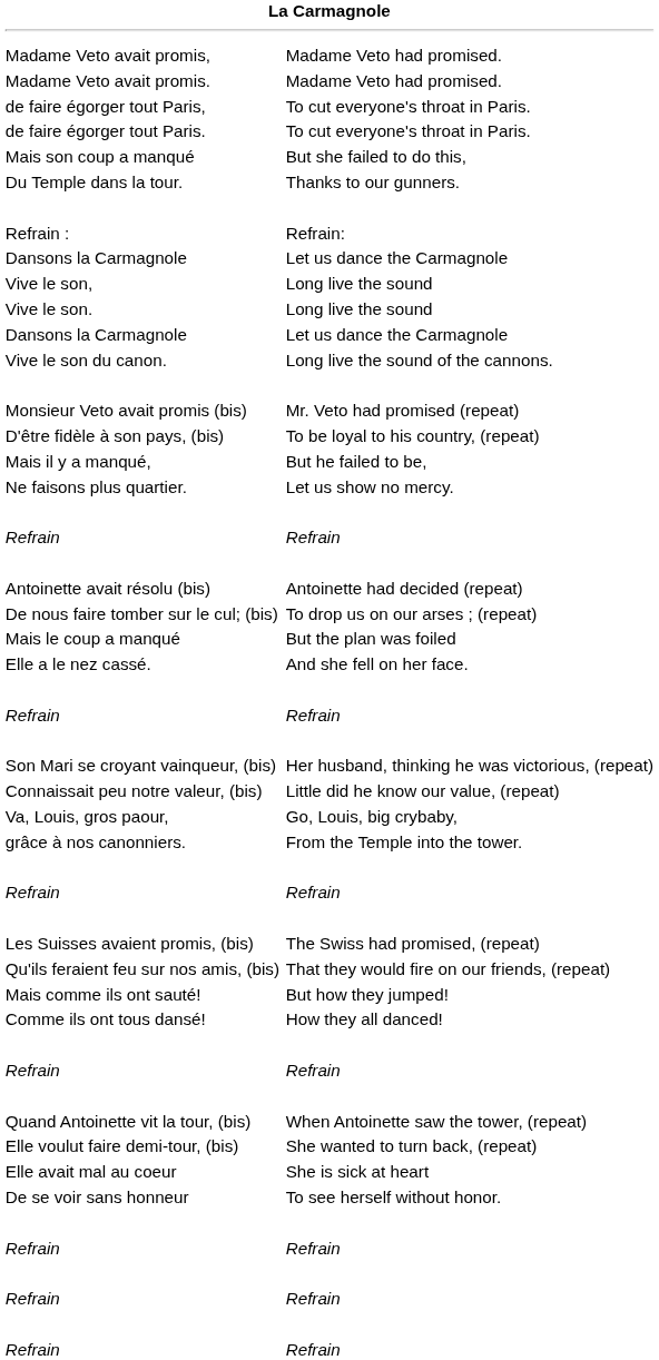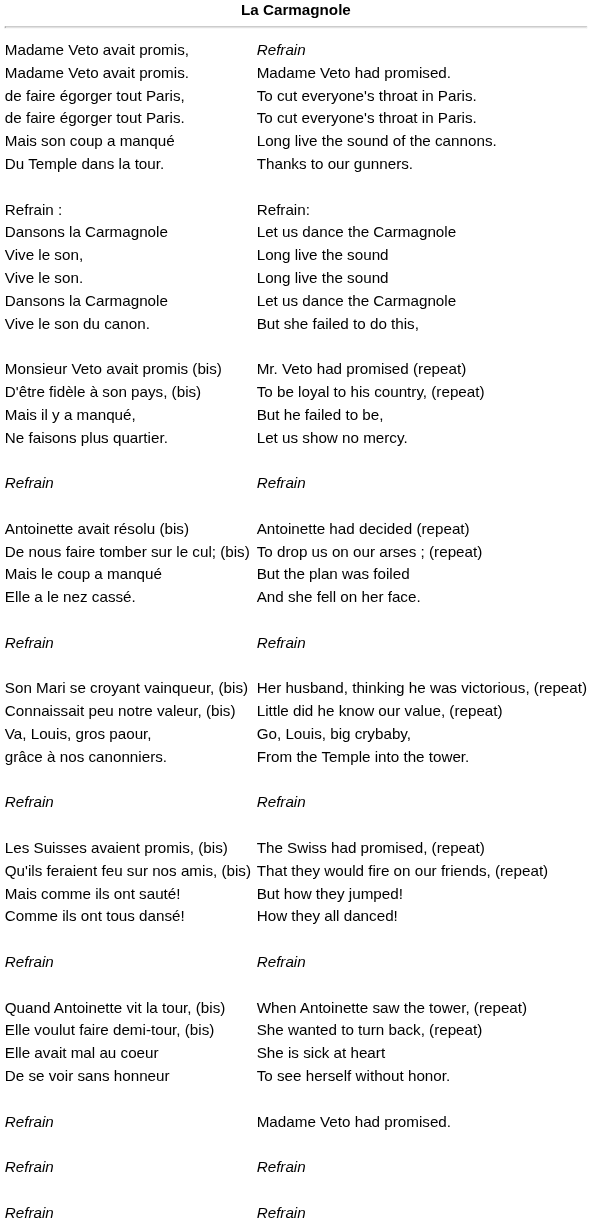 <table cellpadding=2 style="background:transparent;">
 <tr>
 <td align="center" colspan="2"><strong>La Carmagnole</strong><br><hr></td>
 </tr>
 <tr>
 <td>Madame Veto avait promis,</td>
-<td>Madame Veto had promised.</td>
+<td><em>Refrain</em></td>
 </tr>
 <tr>
 <td>Madame Veto avait promis.</td>
 <td>Madame Veto had promised.</td>
 </tr>
 <tr>
 <td>de faire égorger tout Paris,</td>
 <td>To cut everyone's throat in Paris.</td>
 </tr>
 <tr>
 <td>de faire égorger tout Paris.</td>
 <td>To cut everyone's throat in Paris.</td>
 </tr>
 <tr>
 <td>Mais son coup a manqué</td>
-<td>But she failed to do this,</td>
+<td>Long live the sound of the cannons.</td>
 </tr>
 <tr>
 <td>Du Temple dans la tour.</td>
 <td>Thanks to our gunners.</td>
 </tr>
 <tr>
 <td> </td>
 <td></td>
 </tr>
 <tr>
 <td>Refrain :</td>
 <td>Refrain:</td>
 </tr>
 <tr>
 <td>Dansons la Carmagnole</td>
 <td>Let us dance the Carmagnole</td>
 </tr>
 <tr>
 <td>Vive le son,</td>
 <td>Long live the sound</td>
 </tr>
 <tr>
 <td>Vive le son.</td>
 <td>Long live the sound</td>
 </tr>
 <tr>
 <td>Dansons la Carmagnole</td>
 <td>Let us dance the Carmagnole</td>
 </tr>
 <tr>
 <td>Vive le son du canon.</td>
-<td>Long live the sound of the cannons.</td>
+<td>But she failed to do this,</td>
 </tr>
 <tr>
 <td> </td>
 <td></td>
 </tr>
 <tr>
 <td>Monsieur Veto avait promis (bis)</td>
 <td>Mr. Veto had promised (repeat)</td>
 </tr>
 <tr>
 <td>D'être fidèle à son pays, (bis)</td>
 <td>To be loyal to his country, (repeat)</td>
 </tr>
 <tr>
 <td>Mais il y a manqué,</td>
 <td>But he failed to be,</td>
 </tr>
 <tr>
 <td>Ne faisons plus quartier.</td>
 <td>Let us show no mercy.</td>
 </tr>
 <tr>
 <td> </td>
 <td></td>
 </tr>
 <tr>
 <td><em>Refrain</em></td>
 <td><em>Refrain</em></td>
 </tr>
 <tr>
 <td> </td>
 <td></td>
 </tr>
 <tr>
 <td>Antoinette avait résolu (bis)</td>
 <td>Antoinette had decided (repeat)</td>
 </tr>
 <tr>
 <td>De nous faire tomber sur le cul; (bis)</td>
 <td>To drop us on our arses ; (repeat)</td>
 </tr>
 <tr>
 <td>Mais le coup a manqué</td>
 <td>But the plan was foiled</td>
 </tr>
 <tr>
 <td>Elle a le nez cassé.</td>
 <td>And she fell on her face.</td>
 </tr>
 <tr>
 <td> </td>
 <td></td>
 </tr>
 <tr>
 <td><em>Refrain</em></td>
 <td><em>Refrain</em></td>
 </tr>
 <tr>
 <td> </td>
 <td></td>
 </tr>
 <tr>
 <td>Son Mari se croyant vainqueur, (bis)</td>
 <td>Her husband, thinking he was victorious, (repeat)</td>
 </tr>
 <tr>
 <td>Connaissait peu notre valeur, (bis)</td>
 <td>Little did he know our value, (repeat)</td>
 </tr>
 <tr>
 <td>Va, Louis, gros paour,</td>
 <td>Go, Louis, big crybaby,</td>
 </tr>
 <tr>
 <td>grâce à nos canonniers.</td>
 <td>From the Temple into the tower.</td>
 </tr>
 <tr>
 <td> </td>
 <td></td>
 </tr>
 <tr>
 <td><em>Refrain</em></td>
 <td><em>Refrain</em></td>
 </tr>
 <tr>
 <td> </td>
 <td></td>
 </tr>
 <tr>
 <td>Les Suisses avaient promis, (bis)</td>
 <td>The Swiss had promised, (repeat)</td>
 </tr>
 <tr>
 <td>Qu'ils feraient feu sur nos amis, (bis)</td>
 <td>That they would fire on our friends, (repeat)</td>
 </tr>
 <tr>
 <td>Mais comme ils ont sauté!</td>
 <td>But how they jumped!</td>
 </tr>
 <tr>
 <td>Comme ils ont tous dansé!</td>
 <td>How they all danced!</td>
 </tr>
 <tr>
 <td> </td>
 <td></td>
 </tr>
 <tr>
 <td><em>Refrain</em></td>
 <td><em>Refrain</em></td>
 </tr>
 <tr>
 <td> </td>
 <td></td>
 </tr>
 <tr>
 <td>Quand Antoinette vit la tour, (bis)</td>
 <td>When Antoinette saw the tower, (repeat)</td>
 </tr>
 <tr>
 <td>Elle voulut faire demi-tour, (bis)</td>
 <td>She wanted to turn back, (repeat)</td>
 </tr>
 <tr>
 <td>Elle avait mal au coeur</td>
 <td>She is sick at heart</td>
 </tr>
 <tr>
 <td>De se voir sans honneur</td>
 <td>To see herself without honor.</td>
 </tr>
 <tr>
 <td> </td>
 <td></td>
 </tr>
 <tr>
 <td><em>Refrain</em></td>
-<td><em>Refrain</em></td>
+<td>Madame Veto had promised.</td>
 </tr>
 <tr>
 <td> </td>
 <td></td>
 </tr>
 <tr>
 <td><em>Refrain</em></td>
 <td><em>Refrain</em></td>
 </tr>
 <tr>
 <td> </td>
 <td></td>
 </tr>
 <tr>
 <td><em>Refrain</em></td>
 <td><em>Refrain</em></td>
 </tr>
 <tr>
 </tr>
 </table>
